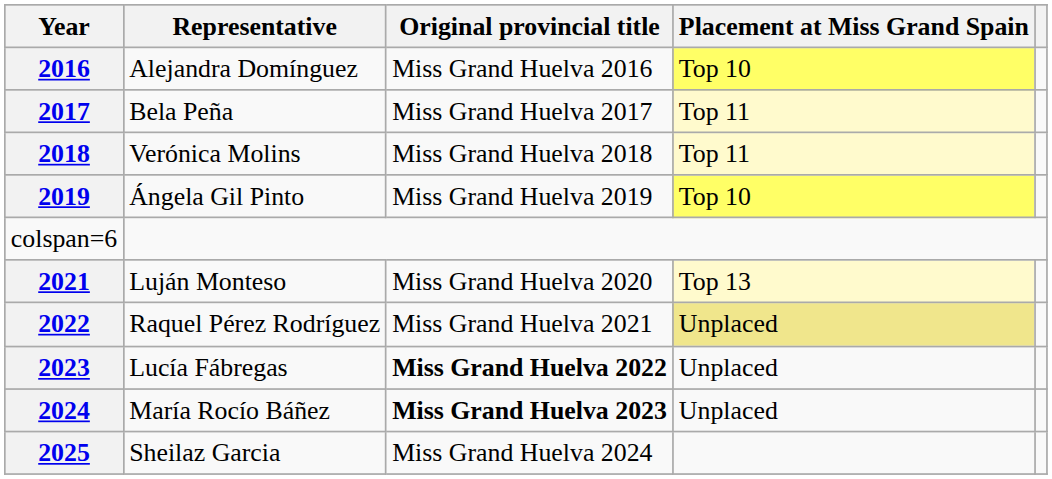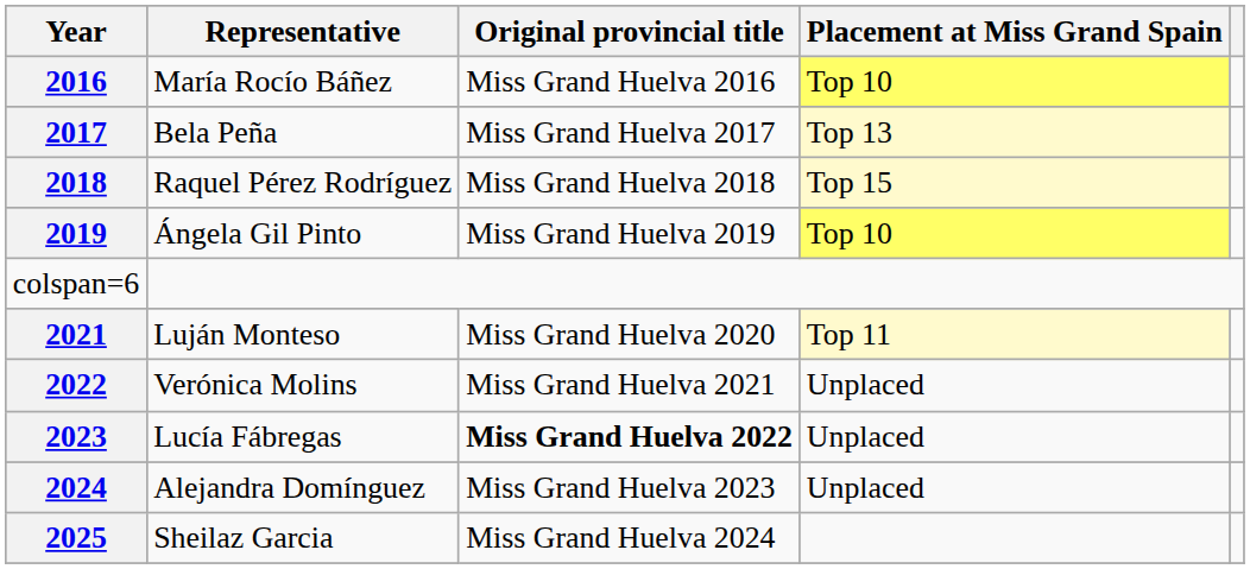 <table class="wikitable defaultcenter col2left" style="font-size:95%;">
 <tr>
 <th>Year</th>
 <th>Representative</th>
 <th>Original provincial title</th>
 <th>Placement at Miss Grand Spain</th>
 <th></th>
 </tr>
 <tr>
 <th><a href='#'>2016</a></th>
-<td>Alejandra Domínguez</td>
+<td>María Rocío Báñez</td>
 <td>Miss Grand Huelva 2016</td>
 <td bgcolor=#FFFF66>Top 10</td>
 <td></td>
 </tr>
 <tr>
 <th><a href='#'>2017</a></th>
 <td>Bela Peña</td>
 <td>Miss Grand Huelva 2017</td>
-<td bgcolor=#FFFACD>Top 11</td>
+<td bgcolor=#FFFACD>Top 13</td>
 <td></td>
 </tr>
 <tr>
 <th><a href='#'>2018</a></th>
-<td>Verónica Molins</td>
+<td>Raquel Pérez Rodríguez</td>
 <td>Miss Grand Huelva 2018</td>
-<td bgcolor=#FFFACD>Top 11</td>
+<td bgcolor=#FFFACD>Top 15</td>
 <td></td>
 </tr>
 <tr>
 <th><a href='#'>2019</a></th>
 <td>Ángela Gil Pinto</td>
 <td>Miss Grand Huelva 2019</td>
 <td bgcolor=#FFFF66>Top 10</td>
 <td></td>
 </tr>
 <tr>
 <td>colspan=6 </td>
 </tr>
 <tr>
 <th><a href='#'>2021</a></th>
 <td>Luján Monteso</td>
 <td>Miss Grand Huelva 2020</td>
-<td bgcolor=#FFFACD>Top 13</td>
+<td bgcolor=#FFFACD>Top 11</td>
 <td></td>
 </tr>
 <tr>
 <th><a href='#'>2022</a></th>
-<td>Raquel Pérez Rodríguez</td>
+<td>Verónica Molins</td>
 <td>Miss Grand Huelva 2021</td>
-<td style="background: khaki;">Unplaced</td>
+<td>Unplaced</td>
 <td></td>
 </tr>
 <tr>
 <th><a href='#'>2023</a></th>
 <td>Lucía Fábregas</td>
 <td><strong>Miss Grand Huelva 2022</strong></td>
 <td>Unplaced</td>
 <td></td>
 </tr>
 <tr>
 <th><a href='#'>2024</a></th>
-<td>María Rocío Báñez</td>
-<td><strong>Miss Grand Huelva 2023</strong></td>
+<td>Alejandra Domínguez</td>
+<td>Miss Grand Huelva 2023</td>
 <td>Unplaced</td>
 <td></td>
 </tr>
 <tr>
 <th><a href='#'>2025</a></th>
 <td>Sheilaz Garcia</td>
 <td>Miss Grand Huelva 2024</td>
 <td></td>
 <td></td>
 </tr>
 </table>
